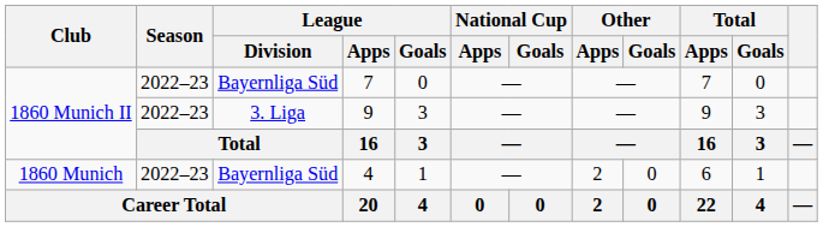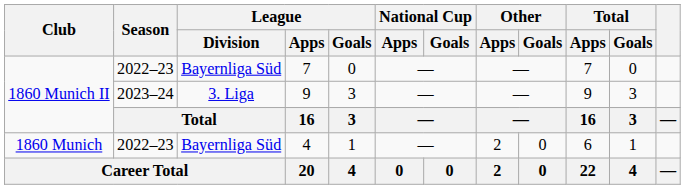 <table class="wikitable" Style="text-align: center">
 <tr>
 <th rowspan="2">Club</th>
 <th rowspan="2">Season</th>
 <th colspan="3">League</th>
 <th colspan="2">National Cup</th>
 <th colspan="2">Other</th>
 <th colspan="2">Total</th>
 <th rowspan="2"></th>
 </tr>
 <tr>
 <th>Division</th>
 <th>Apps</th>
 <th>Goals</th>
 <th>Apps</th>
 <th>Goals</th>
 <th>Apps</th>
 <th>Goals</th>
 <th>Apps</th>
 <th>Goals</th>
 </tr>
 <tr>
 <td rowspan="3"><a href='#'>1860 Munich II</a></td>
 <td>2022–23</td>
 <td><a href='#'>Bayernliga Süd</a></td>
 <td>7</td>
 <td>0</td>
 <td colspan="2">—</td>
 <td colspan="2">—</td>
 <td>7</td>
 <td>0</td>
 <td></td>
 </tr>
 <tr>
-<td>2022–23</td>
+<td>2023–24</td>
 <td><a href='#'>3. Liga</a></td>
 <td>9</td>
 <td>3</td>
 <td colspan="2">—</td>
 <td colspan="2">—</td>
 <td>9</td>
 <td>3</td>
 <td></td>
 </tr>
 <tr>
 <th colspan="2">Total</th>
 <th>16</th>
 <th>3</th>
 <th colspan="2">—</th>
 <th colspan="2">—</th>
 <th>16</th>
 <th>3</th>
 <th>—</th>
 </tr>
 <tr>
 <td><a href='#'>1860 Munich</a></td>
 <td>2022–23</td>
 <td><a href='#'>Bayernliga Süd</a></td>
 <td>4</td>
 <td>1</td>
 <td colspan="2">—</td>
 <td>2</td>
 <td>0</td>
 <td>6</td>
 <td>1</td>
 <td></td>
 </tr>
 <tr>
 <th colspan="3">Career Total</th>
 <th>20</th>
 <th>4</th>
 <th>0</th>
 <th>0</th>
 <th>2</th>
 <th>0</th>
 <th>22</th>
 <th>4</th>
 <th>—</th>
 </tr>
 </table>
